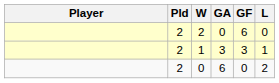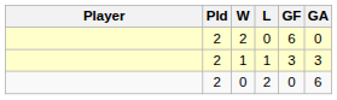 <table class=wikitable style="text-align:center">
 <tr>
 <th width=220>Player</th>
 <th width=20>Pld</th>
 <th width=20>W</th>
+<th width=20>L</th>
+<th width=20>GF</th>
 <th width=20>GA</th>
-<th width=20>GF</th>
-<th width=20>L</th>
 </tr>
 <tr bgcolor=#ffffcc>
 <td align=left></td>
 <td>2</td>
 <td>2</td>
 <td>0</td>
 <td>6</td>
 <td>0</td>
 </tr>
 <tr bgcolor=#ffffcc>
 <td align=left></td>
 <td>2</td>
 <td>1</td>
+<td>1</td>
 <td>3</td>
 <td>3</td>
-<td>1</td>
 </tr>
 <tr>
 <td align=left></td>
 <td>2</td>
 <td>0</td>
+<td>2</td>
+<td>0</td>
 <td>6</td>
-<td>0</td>
-<td>2</td>
 </tr>
 </table>
